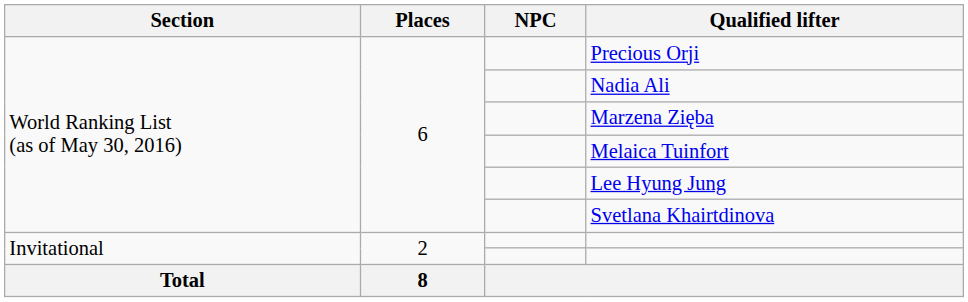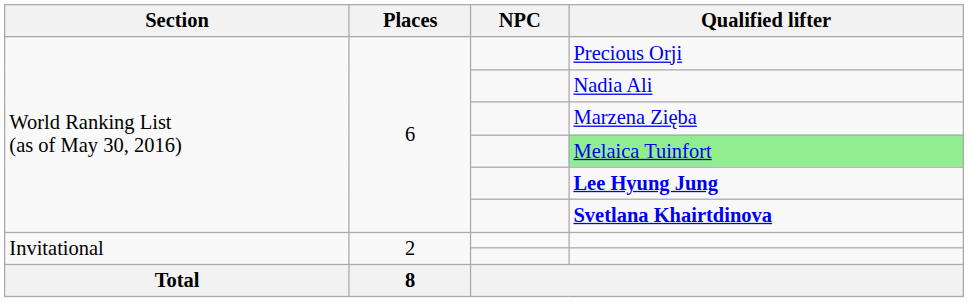 <table class="wikitable"  width=750>
 <tr>
 <th>Section</th>
 <th>Places</th>
 <th>NPC</th>
 <th>Qualified lifter</th>
 </tr>
 <tr>
 <td rowspan=6>World Ranking List<br>(as of May 30, 2016)</td>
 <td rowspan=6 align=center>6</td>
 <td></td>
 <td><a href='#'>Precious Orji</a></td>
 </tr>
 <tr>
 <td></td>
 <td><a href='#'>Nadia Ali</a></td>
 </tr>
 <tr>
 <td></td>
 <td><a href='#'>Marzena Zięba</a></td>
 </tr>
 <tr>
 <td></td>
-<td><a href='#'>Melaica Tuinfort</a></td>
+<td style="background: lightgreen;"><a href='#'>Melaica Tuinfort</a></td>
 </tr>
 <tr>
 <td></td>
-<td><a href='#'>Lee Hyung Jung</a></td>
+<td><strong><a href='#'>Lee Hyung Jung</a></strong></td>
 </tr>
 <tr>
 <td></td>
-<td><a href='#'>Svetlana Khairtdinova</a></td>
+<td><strong><a href='#'>Svetlana Khairtdinova</a></strong></td>
 </tr>
 <tr>
 <td rowspan=2>Invitational</td>
 <td rowspan="2" align=center>2</td>
 <td></td>
 <td></td>
 </tr>
 <tr>
 <td></td>
 <td></td>
 </tr>
 <tr>
 <th>Total</th>
 <th>8</th>
 <th colspan=2></th>
 </tr>
 </table>
